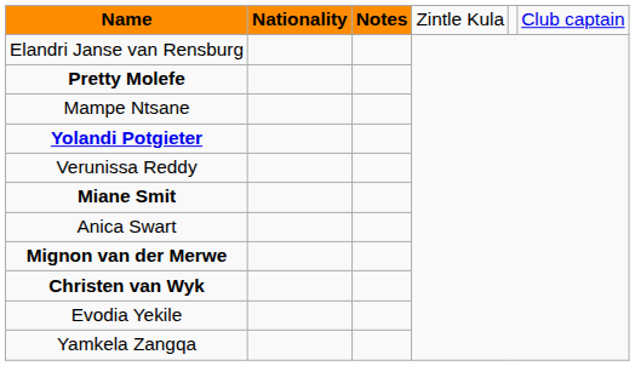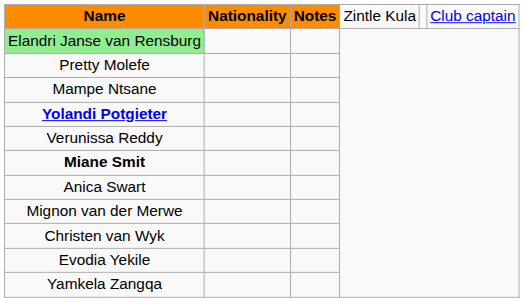 <table class="wikitable sortable">
 <tr>
 <th style="background:#FF8C00; color:black" scope="col" rowspan="2">Name</th>
 <th style="background:#FF8C00; color:black" scope="col" rowspan="2">Nationality</th>
 <th style="background:#FF8C00; color:black" scope="col" rowspan="2">Notes</th>
 </tr>
 <tr>
 <td style="text-align:center">Zintle Kula</td>
 <td></td>
 <td><a href='#'>Club captain</a></td>
 </tr>
 <tr>
-<td style="text-align:center">Elandri Janse van Rensburg</td>
+<td style="background: lightgreen; text-align:center">Elandri Janse van Rensburg</td>
 <td></td>
 <td></td>
 </tr>
 <tr>
-<td style="text-align:center"><strong>Pretty Molefe</strong></td>
+<td style="text-align:center">Pretty Molefe</td>
 <td></td>
 <td></td>
 </tr>
 <tr>
 <td style="text-align:center">Mampe Ntsane</td>
 <td></td>
 <td></td>
 </tr>
 <tr>
 <td style="text-align:center"><strong><a href='#'>Yolandi Potgieter</a></strong></td>
 <td></td>
 <td></td>
 </tr>
 <tr>
 <td style="text-align:center">Verunissa Reddy</td>
 <td></td>
 <td></td>
 </tr>
 <tr>
 <td style="text-align:center"><strong>Miane Smit</strong></td>
 <td></td>
 <td></td>
 </tr>
 <tr>
 <td style="text-align:center">Anica Swart</td>
 <td></td>
 <td></td>
 </tr>
 <tr>
-<td style="text-align:center"><strong>Mignon van der Merwe</strong></td>
+<td style="text-align:center">Mignon van der Merwe</td>
 <td></td>
 <td></td>
 </tr>
 <tr>
-<td style="text-align:center"><strong>Christen van Wyk</strong></td>
+<td style="text-align:center">Christen van Wyk</td>
 <td></td>
 <td></td>
 </tr>
 <tr>
 <td style="text-align:center">Evodia Yekile</td>
 <td></td>
 <td></td>
 </tr>
 <tr>
 <td style="text-align:center">Yamkela Zangqa</td>
 <td></td>
 <td></td>
 </tr>
 </table>
